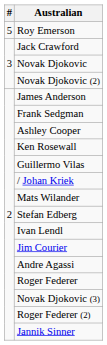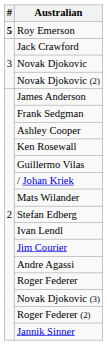 <table class=wikitable style="display:inline-table;">
 <tr>
 <th>#</th>
 <th>Australian</th>
 </tr>
 <tr>
-<td>5</td>
+<td><strong>5</strong></td>
 <td> Roy Emerson</td>
 </tr>
 <tr>
 <td rowspan="3">3</td>
 <td> Jack Crawford</td>
 </tr>
 <tr>
 <td> Novak Djokovic</td>
 </tr>
 <tr>
 <td> Novak Djokovic <small>(2)</small></td>
 </tr>
 <tr>
 <td rowspan="15">2</td>
 <td> James Anderson</td>
 </tr>
 <tr>
 <td> Frank Sedgman</td>
 </tr>
 <tr>
 <td> Ashley Cooper</td>
 </tr>
 <tr>
 <td> Ken Rosewall</td>
 </tr>
 <tr>
 <td> Guillermo Vilas</td>
 </tr>
 <tr>
 <td>/ <a href='#'>Johan Kriek</a></td>
 </tr>
 <tr>
 <td> Mats Wilander</td>
 </tr>
 <tr>
 <td> Stefan Edberg</td>
 </tr>
 <tr>
 <td> Ivan Lendl</td>
 </tr>
 <tr>
 <td> <a href='#'>Jim Courier</a></td>
 </tr>
 <tr>
 <td> Andre Agassi</td>
 </tr>
 <tr>
 <td> Roger Federer</td>
 </tr>
 <tr>
 <td> Novak Djokovic <small>(3)</small></td>
 </tr>
 <tr>
 <td> Roger Federer <small>(2)</small></td>
 </tr>
 <tr>
 <td> <a href='#'>Jannik Sinner</a></td>
 </tr>
 </table>
